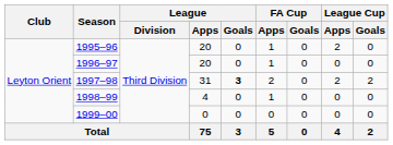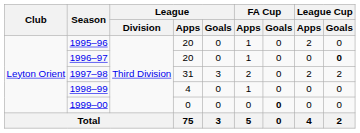 <table class="wikitable" style="text-align: center;">
 <tr>
 <th rowspan="2">Club</th>
 <th rowspan="2">Season</th>
 <th colspan="3">League</th>
 <th colspan="2">FA Cup</th>
 <th colspan="2">League Cup</th>
 </tr>
 <tr>
 <th>Division</th>
 <th>Apps</th>
 <th>Goals</th>
 <th>Apps</th>
 <th>Goals</th>
 <th>Apps</th>
 <th>Goals</th>
 </tr>
 <tr>
 <td rowspan="5"><a href='#'>Leyton Orient</a></td>
 <td><a href='#'>1995–96</a></td>
 <td rowspan="5"><a href='#'>Third Division</a></td>
 <td>20</td>
 <td>0</td>
 <td>1</td>
 <td>0</td>
 <td>2</td>
 <td>0</td>
 </tr>
 <tr>
 <td><a href='#'>1996–97</a></td>
 <td>20</td>
 <td>0</td>
 <td>1</td>
 <td>0</td>
 <td>0</td>
-<td>0</td>
+<td><strong>0</strong></td>
 </tr>
 <tr>
 <td><a href='#'>1997–98</a></td>
 <td>31</td>
-<td><strong>3</strong></td>
+<td>3</td>
 <td>2</td>
 <td>0</td>
 <td>2</td>
 <td>2</td>
 </tr>
 <tr>
 <td><a href='#'>1998–99</a></td>
 <td>4</td>
 <td>0</td>
 <td>1</td>
 <td>0</td>
 <td>0</td>
 <td>0</td>
 </tr>
 <tr>
 <td><a href='#'>1999–00</a></td>
 <td>0</td>
 <td>0</td>
 <td>0</td>
-<td>0</td>
+<td><strong>0</strong></td>
 <td>0</td>
 <td>0</td>
 </tr>
 <tr>
 <th colspan="3">Total</th>
 <th>75</th>
 <th>3</th>
 <th>5</th>
 <th>0</th>
 <th>4</th>
 <th>2</th>
 </tr>
 </table>
